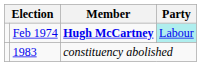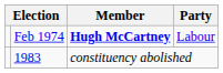 <table class="wikitable">
 <tr>
 <th colspan="2">Election</th>
 <th>Member </th>
 <th>Party</th>
 </tr>
 <tr>
 <td style="color:inherit;background-color: "></td>
 <td><a href='#'>Feb 1974</a></td>
 <td><strong><a href='#'>Hugh McCartney</a></strong></td>
-<td style="background: paleturquoise;"><a href='#'>Labour</a></td>
+<td><a href='#'>Labour</a></td>
 </tr>
 <tr>
 <td></td>
 <td><a href='#'>1983</a></td>
 <td colspan="2"><em>constituency abolished</em></td>
 </tr>
 </table>
